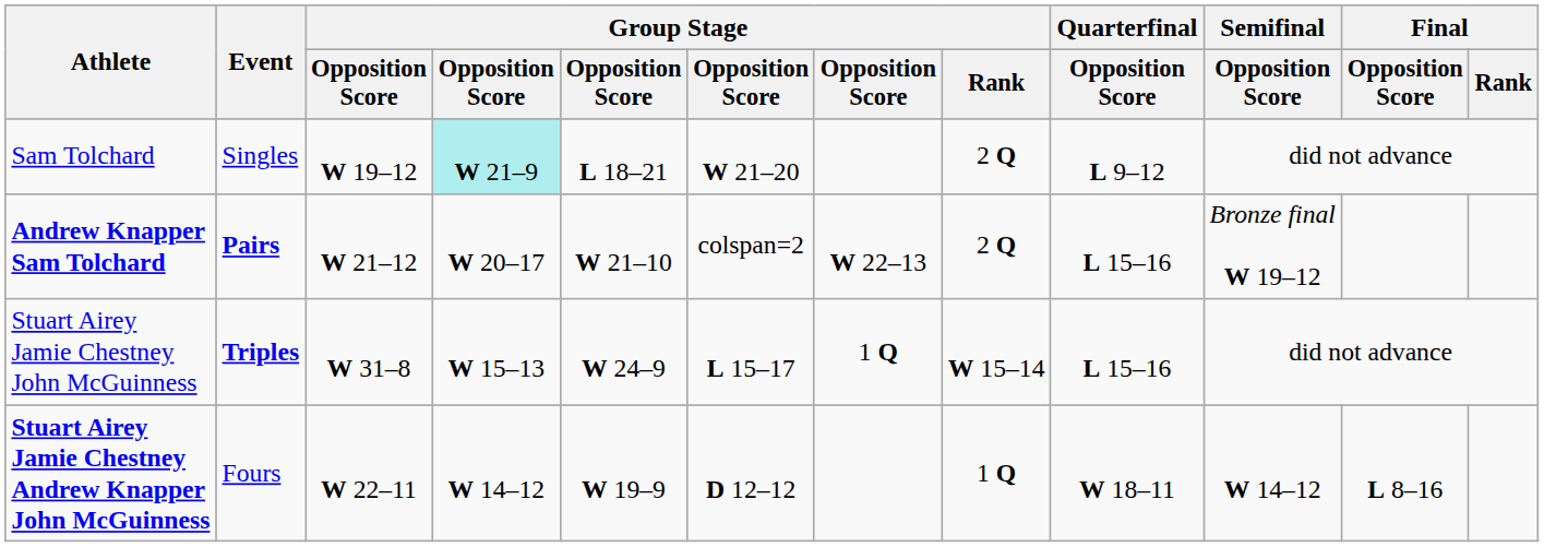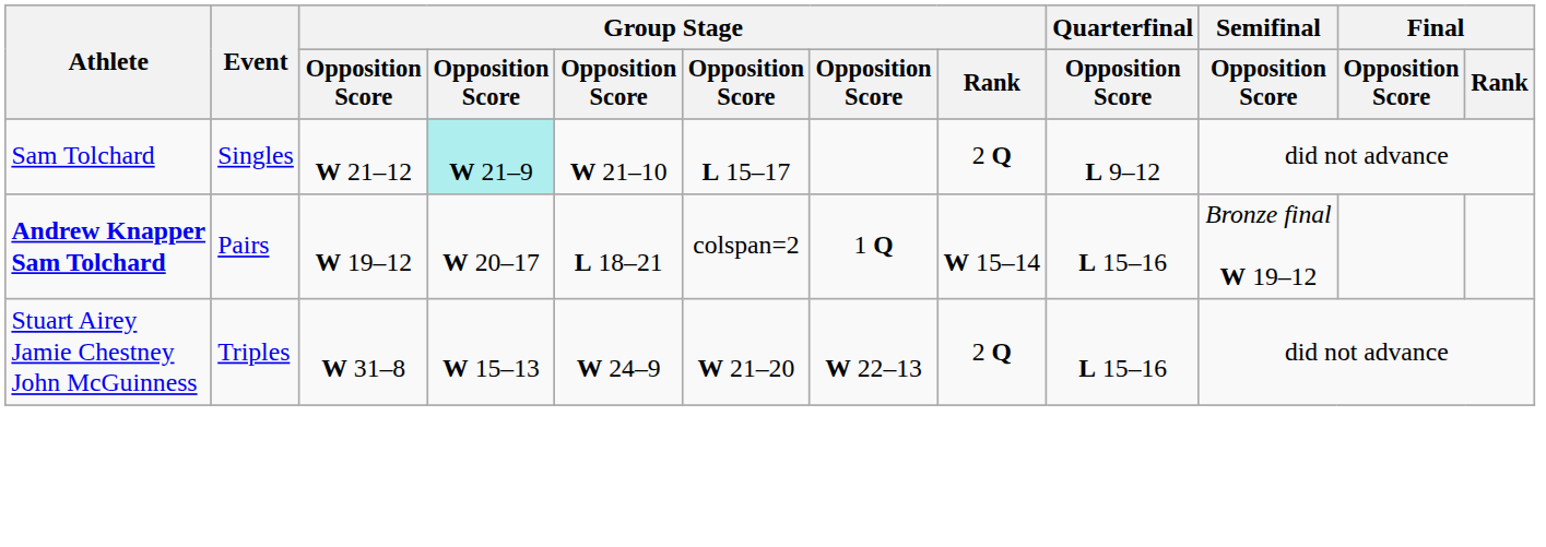 <table class="wikitable" style="font-size:88%">
 <tr>
 <th rowspan=2>Athlete</th>
 <th rowspan=2>Event</th>
 <th colspan=6>Group Stage</th>
 <th>Quarterfinal</th>
 <th>Semifinal</th>
 <th colspan=2>Final</th>
 </tr>
 <tr style="font-size:95%">
 <th>Opposition<br>Score</th>
 <th>Opposition<br>Score</th>
 <th>Opposition<br>Score</th>
 <th>Opposition<br>Score</th>
 <th>Opposition<br>Score</th>
 <th>Rank</th>
 <th>Opposition<br>Score</th>
 <th>Opposition<br>Score</th>
 <th>Opposition<br>Score</th>
 <th>Rank</th>
 </tr>
 <tr align=center>
 <td align=left><a href='#'>Sam Tolchard</a></td>
 <td align=left><a href='#'>Singles</a></td>
-<td><br><strong>W</strong> 19–12</td>
+<td><br><strong>W</strong> 21–12</td>
 <td style="background: paleturquoise;"><br><strong>W</strong> 21–9</td>
-<td><br><strong>L</strong> 18–21</td>
-<td><br><strong>W</strong> 21–20</td>
+<td><br><strong>W</strong> 21–10</td>
+<td><br><strong>L</strong> 15–17</td>
 <td></td>
 <td>2 <strong>Q</strong></td>
 <td><br><strong>L</strong> 9–12</td>
 <td colspan=3>did not advance</td>
 </tr>
 <tr align=center>
 <td align=left><strong><a href='#'>Andrew Knapper</a><br><a href='#'>Sam Tolchard</a></strong></td>
-<td align=left><strong><a href='#'>Pairs</a></strong></td>
-<td><br><strong>W</strong> 21–12</td>
+<td align=left><a href='#'>Pairs</a></td>
+<td><br><strong>W</strong> 19–12</td>
 <td><br><strong>W</strong> 20–17</td>
-<td><br><strong>W</strong> 21–10</td>
+<td><br><strong>L</strong> 18–21</td>
 <td>colspan=2 </td>
-<td><br><strong>W</strong> 22–13</td>
-<td>2 <strong>Q</strong></td>
+<td>1 <strong>Q</strong></td>
+<td><br><strong>W</strong> 15–14</td>
 <td><br><strong>L</strong> 15–16</td>
 <td><em>Bronze final</em><br><br><strong>W</strong> 19–12</td>
 <td></td>
 </tr>
 <tr align=center>
 <td align=left><a href='#'>Stuart Airey</a><br><a href='#'>Jamie Chestney</a><br><a href='#'>John McGuinness</a></td>
-<td align=left><strong><a href='#'>Triples</a></strong></td>
+<td align=left><a href='#'>Triples</a></td>
 <td><br><strong>W</strong> 31–8</td>
 <td><br><strong>W</strong> 15–13</td>
 <td><br><strong>W</strong> 24–9</td>
-<td><br><strong>L</strong> 15–17</td>
-<td>1 <strong>Q</strong></td>
-<td><br><strong>W</strong> 15–14</td>
+<td><br><strong>W</strong> 21–20</td>
+<td><br><strong>W</strong> 22–13</td>
+<td>2 <strong>Q</strong></td>
 <td><br><strong>L</strong> 15–16</td>
 <td colspan=3>did not advance</td>
 </tr>
-<tr align=center>
-<td align=left><strong><a href='#'>Stuart Airey</a><br><a href='#'>Jamie Chestney</a><br><a href='#'>Andrew Knapper</a><br><a href='#'>John McGuinness</a></strong></td>
-<td align=left><a href='#'>Fours</a></td>
-<td><br><strong>W</strong> 22–11</td>
-<td><br><strong>W</strong> 14–12</td>
-<td><br><strong>W</strong> 19–9</td>
-<td><br><strong>D</strong> 12–12</td>
-<td></td>
-<td>1 <strong>Q</strong></td>
-<td><br><strong>W</strong> 18–11</td>
-<td><br><strong>W</strong> 14–12</td>
-<td><br><strong>L</strong> 8–16</td>
-<td></td>
-</tr>
 </table>
